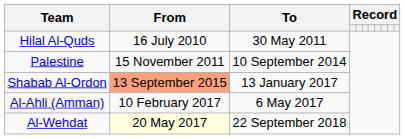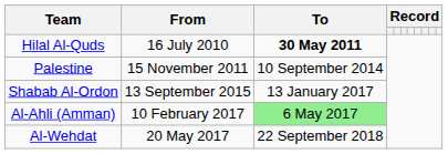 <table class="wikitable" style="text-align: center">
 <tr>
 <th rowspan=2>Team</th>
 <th rowspan=2>From</th>
 <th rowspan=2>To</th>
 <th colspan=8>Record</th>
 </tr>
 <tr>
 <th></th>
 <th></th>
 <th></th>
 <th></th>
 <th></th>
 <th></th>
 <th></th>
 <th></th>
 </tr>
 <tr>
 <td><a href='#'>Hilal Al-Quds</a></td>
 <td>16 July 2010</td>
-<td>30 May 2011<br></td>
+<td><strong>30 May 2011<br></strong></td>
 </tr>
 <tr>
 <td><a href='#'>Palestine</a></td>
 <td>15 November 2011</td>
 <td>10 September 2014<br></td>
 </tr>
 <tr>
 <td><a href='#'>Shabab Al-Ordon</a></td>
-<td style="background: lightsalmon;">13 September 2015</td>
+<td>13 September 2015</td>
 <td>13 January 2017<br></td>
 </tr>
 <tr>
 <td><a href='#'>Al-Ahli (Amman)</a></td>
 <td>10 February 2017</td>
-<td>6 May 2017<br></td>
+<td style="background: lightgreen;">6 May 2017<br></td>
 </tr>
 <tr>
 <td><a href='#'>Al-Wehdat</a></td>
-<td style="background: lightyellow;">20 May 2017</td>
+<td>20 May 2017</td>
 <td>22 September 2018<br></td>
 </tr>
 </table>
